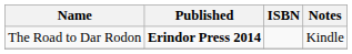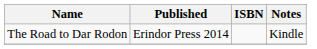 <table class="wikitable sortable" id="novelettetable" border="1">
 <tr>
 <th>Name</th>
 <th>Published</th>
 <th>ISBN</th>
 <th>Notes</th>
 </tr>
 <tr>
 <td>The Road to Dar Rodon</td>
-<td><strong>Erindor Press  2014</strong></td>
+<td>Erindor Press  2014</td>
 <td></td>
 <td>Kindle</td>
 </tr>
 <tr>
 </tr>
 </table>
